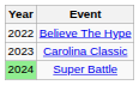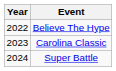 <table class="wikitable sortable" style="text-align: center">
 <tr>
 <th>Year</th>
 <th>Event</th>
 </tr>
 <tr>
 <td>2022</td>
 <td><a href='#'>Believe The Hype</a></td>
 </tr>
 <tr>
 <td>2023</td>
 <td><a href='#'>Carolina Classic</a></td>
 </tr>
 <tr>
-<td style="background: lightgreen;">2024</td>
+<td>2024</td>
 <td><a href='#'>Super Battle</a></td>
 </tr>
 </table>
